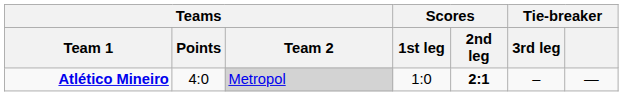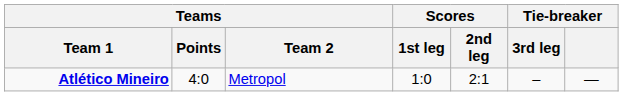 <table class="wikitable" style="text-align:center;">
 <tr>
 <th colspan=3>Teams</th>
 <th colspan=2>Scores</th>
 <th colspan=2>Tie-breaker</th>
 </tr>
 <tr>
 <th width="175">Team 1</th>
 <th width="50">Points</th>
 <th width="175">Team 2</th>
 <th width="55">1st leg</th>
 <th width="55">2nd leg</th>
 <th width="55">3rd leg</th>
 <th width="50"></th>
 </tr>
 <tr>
 <td align=right><strong><a href='#'>Atlético Mineiro</a></strong>  </td>
 <td>4:0</td>
-<td align=left style="background: lightgrey;"> <a href='#'>Metropol</a></td>
+<td align=left> <a href='#'>Metropol</a></td>
 <td>1:0</td>
-<td><strong>2:1</strong></td>
+<td>2:1</td>
 <td>–</td>
 <td>—</td>
 </tr>
 </table>
